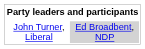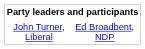 <table style="border: solid 1px #bbb; margin: 0 0 0 1.4em; float:right; font-size:90%; text-align:center">
 <tr>
 <th colspan="3">Party leaders and participants</th>
 </tr>
 <tr>
 <td></td>
 <td></td>
 <td></td>
 </tr>
 <tr>
 <td></td>
 <td><a href='#'>John Turner</a>, <br><a href='#'>Liberal</a></td>
-<td style="background: lightgrey;"><a href='#'>Ed Broadbent</a>, <br> <a href='#'>NDP</a></td>
+<td><a href='#'>Ed Broadbent</a>, <br> <a href='#'>NDP</a></td>
 </tr>
 </table>
